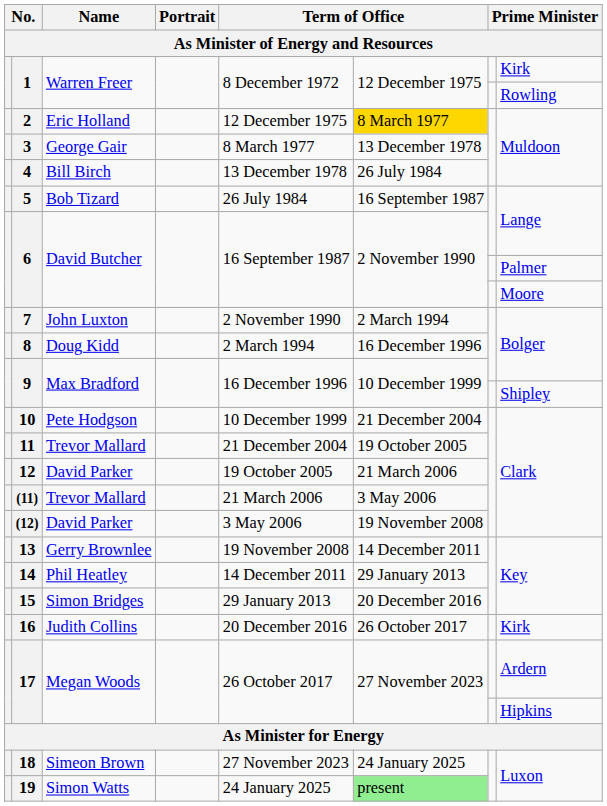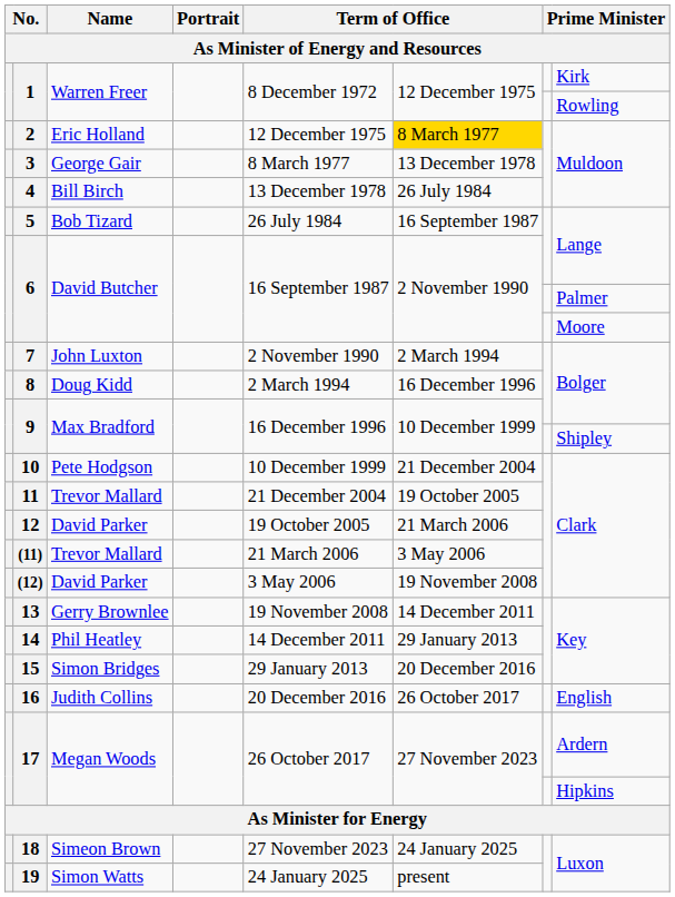 <table class="wikitable">
 <tr>
 <th colspan=2>No.</th>
 <th>Name</th>
 <th>Portrait</th>
 <th colspan=2>Term of Office</th>
 <th colspan=2>Prime Minister</th>
 </tr>
 <tr>
 <th colspan=8>As Minister of Energy and Resources</th>
 </tr>
 <tr>
 <th rowspan=2 style="background:"></th>
 <th rowspan=2>1</th>
 <td rowspan=2><a href='#'>Warren Freer</a></td>
 <td rowspan=2></td>
 <td rowspan=2>8 December 1972</td>
 <td rowspan=2>12 December 1975</td>
 <td width=1 style="background:"></td>
 <td><a href='#'>Kirk</a></td>
 </tr>
 <tr>
 <td style="background:"></td>
 <td><a href='#'>Rowling</a></td>
 </tr>
 <tr>
 <th style="background:"></th>
 <th>2</th>
 <td><a href='#'>Eric Holland</a></td>
 <td></td>
 <td>12 December 1975</td>
 <td style="background: gold;">8 March 1977</td>
 <td rowspan="3" style="background:"></td>
 <td rowspan="3"><a href='#'>Muldoon</a></td>
 </tr>
 <tr>
 <th style="background:"></th>
 <th>3</th>
 <td><a href='#'>George Gair</a></td>
 <td></td>
 <td>8 March 1977</td>
 <td>13 December 1978</td>
 </tr>
 <tr>
 <th style="background:"></th>
 <th>4</th>
 <td><a href='#'>Bill Birch</a></td>
 <td></td>
 <td>13 December 1978</td>
 <td>26 July 1984</td>
 </tr>
 <tr>
 <th style="background:"></th>
 <th>5</th>
 <td><a href='#'>Bob Tizard</a></td>
 <td></td>
 <td>26 July 1984</td>
 <td>16 September 1987</td>
 <td style="border-bottom:solid 0 grey; background:"></td>
 <td rowspan=2><a href='#'>Lange</a></td>
 </tr>
 <tr>
 <th rowspan=3 style="background:"></th>
 <th rowspan=3>6</th>
 <td rowspan=3><a href='#'>David Butcher</a></td>
 <td rowspan=3></td>
 <td rowspan=3>16 September 1987</td>
 <td rowspan=3>2 November 1990</td>
 <td height=36 style="border-top:solid 0 grey; background:"></td>
 </tr>
 <tr>
 <td style="background:"></td>
 <td><a href='#'>Palmer</a></td>
 </tr>
 <tr>
 <td style="background:"></td>
 <td><a href='#'>Moore</a></td>
 </tr>
 <tr>
 <th style="background:"></th>
 <th>7</th>
 <td><a href='#'>John Luxton</a></td>
 <td></td>
 <td>2 November 1990</td>
 <td>2 March 1994</td>
 <td rowspan="3" style="background:"></td>
 <td rowspan="3"><a href='#'>Bolger</a></td>
 </tr>
 <tr>
 <th style="background:"></th>
 <th>8</th>
 <td><a href='#'>Doug Kidd</a></td>
 <td></td>
 <td>2 March 1994</td>
 <td>16 December 1996</td>
 </tr>
 <tr>
 <th height=15 style="border-bottom:solid 0 grey; background:"></th>
 <th rowspan="2">9</th>
 <td rowspan="2"><a href='#'>Max Bradford</a></td>
 <td rowspan="2"></td>
 <td rowspan="2">16 December 1996</td>
 <td rowspan="2">10 December 1999</td>
 </tr>
 <tr>
 <th height=15 style="border-top:solid 0 grey; background:"></th>
 <td style="background:"></td>
 <td><a href='#'>Shipley</a></td>
 </tr>
 <tr>
 <th style="background:"></th>
 <th>10</th>
 <td><a href='#'>Pete Hodgson</a></td>
 <td></td>
 <td>10 December 1999</td>
 <td>21 December 2004</td>
 <td rowspan=5 style="background:"></td>
 <td rowspan=5><a href='#'>Clark</a></td>
 </tr>
 <tr>
 <th style="background:"></th>
 <th>11</th>
 <td><a href='#'>Trevor Mallard</a></td>
 <td></td>
 <td>21 December 2004</td>
 <td>19 October 2005</td>
 </tr>
 <tr>
 <th style="background:"></th>
 <th>12</th>
 <td><a href='#'>David Parker</a></td>
 <td></td>
 <td>19 October 2005</td>
 <td>21 March 2006</td>
 </tr>
 <tr>
 <th style="background:"></th>
 <th><small>(11)</small></th>
 <td><a href='#'>Trevor Mallard</a><br></td>
 <td></td>
 <td>21 March 2006</td>
 <td>3 May 2006</td>
 </tr>
 <tr>
 <th style="background:"></th>
 <th><small>(12)</small></th>
 <td><a href='#'>David Parker</a></td>
 <td></td>
 <td>3 May 2006</td>
 <td>19 November 2008</td>
 </tr>
 <tr>
 <th style="background:"></th>
 <th>13</th>
 <td><a href='#'>Gerry Brownlee</a></td>
 <td></td>
 <td>19 November 2008</td>
 <td>14 December 2011</td>
 <td rowspan=3 style="background:"></td>
 <td rowspan=3><a href='#'>Key</a></td>
 </tr>
 <tr>
 <th style="background:"></th>
 <th>14</th>
 <td><a href='#'>Phil Heatley</a></td>
 <td></td>
 <td>14 December 2011</td>
 <td>29 January 2013</td>
 </tr>
 <tr>
 <th style="background:"></th>
 <th>15</th>
 <td><a href='#'>Simon Bridges</a></td>
 <td></td>
 <td>29 January 2013</td>
 <td>20 December 2016</td>
 </tr>
 <tr>
 <th style="background:"></th>
 <th>16</th>
 <td><a href='#'>Judith Collins</a></td>
 <td></td>
 <td>20 December 2016</td>
 <td>26 October 2017</td>
 <td style="background:"></td>
-<td><a href='#'>Kirk</a></td>
+<td><a href='#'>English</a></td>
 </tr>
 <tr>
 <th height=50 style="border-bottom:solid 0 grey; background:"></th>
 <th rowspan="2">17</th>
 <td rowspan="2"><a href='#'>Megan Woods</a></td>
 <td rowspan="2"></td>
 <td rowspan="2">26 October 2017</td>
 <td rowspan="2">27 November 2023</td>
 <td style="background:"></td>
 <td><a href='#'>Ardern</a></td>
 </tr>
 <tr>
 <th height=15 style="border-top:solid 0 grey; background:"></th>
 <td style="background:"></td>
 <td><a href='#'>Hipkins</a></td>
 </tr>
 <tr>
 <th colspan=8>As Minister for Energy</th>
 </tr>
 <tr>
 <th style="background:"></th>
 <th>18</th>
 <td><a href='#'>Simeon Brown</a></td>
 <td></td>
 <td>27 November 2023</td>
 <td>24 January 2025</td>
 <td rowspan=2 style="background:"></td>
 <td rowspan="2"><a href='#'>Luxon</a></td>
 </tr>
 <tr>
 <th style="background:"></th>
 <th>19</th>
 <td><a href='#'>Simon Watts</a></td>
 <td></td>
 <td>24 January 2025</td>
-<td style="background: lightgreen;">present</td>
+<td>present</td>
 </tr>
 </table>
